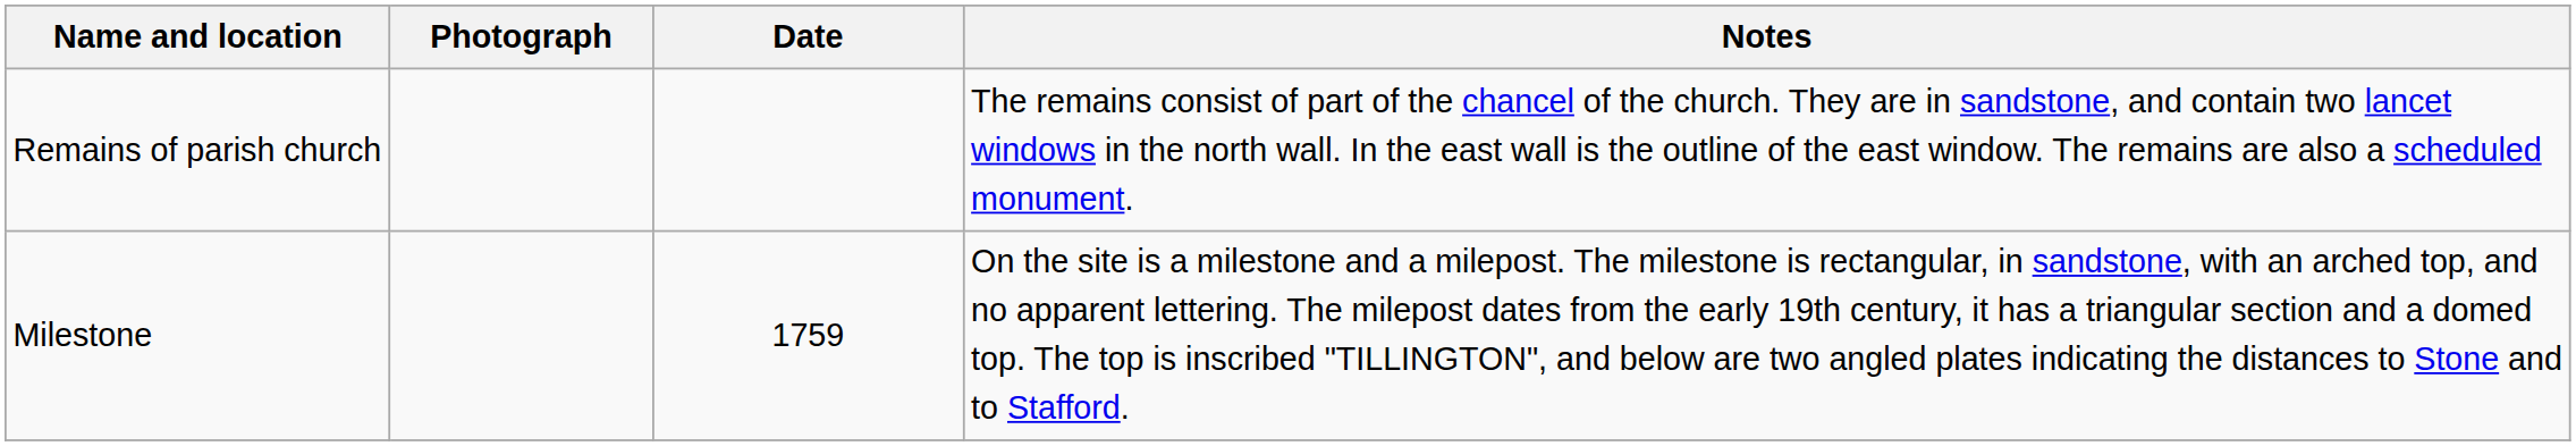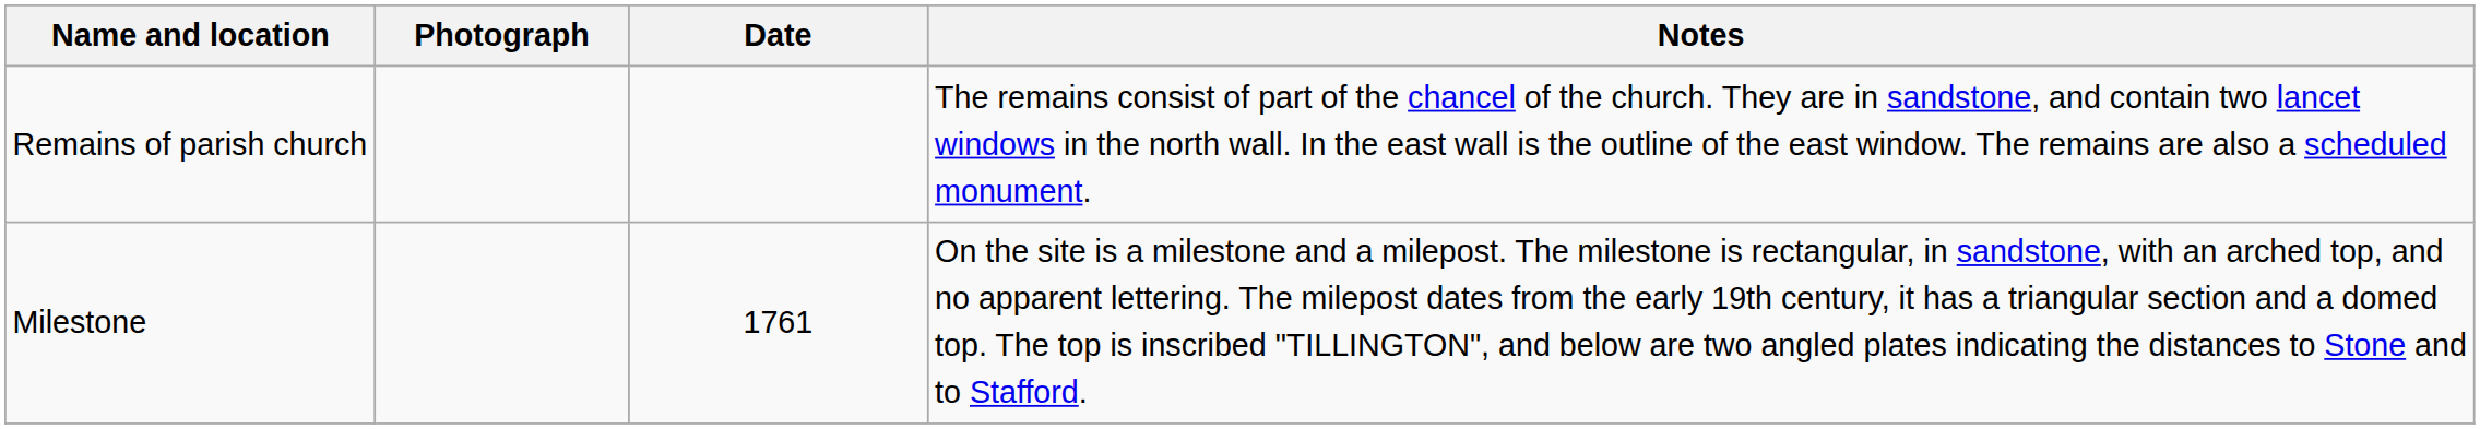 <table class="wikitable sortable plainrowheaders" style="width:100%;border:0px;text-align:left;line-height:150%;">
 <tr>
 <th scope="col"  style="width:150px">Name and location</th>
 <th scope="col"  style="width:100px" class="unsortable">Photograph</th>
 <th scope="col"  style="width:120px">Date</th>
 <th scope="col"  style="width:650px" class="unsortable">Notes</th>
 </tr>
 <tr>
 <td>Remains of parish church<br><small></small></td>
 <td></td>
 <td align="center"></td>
 <td>The remains consist of part of the <a href='#'>chancel</a> of the church.  They are in <a href='#'>sandstone</a>, and contain two <a href='#'>lancet windows</a> in the north wall.  In the east wall is the outline of the east window.  The remains are also a <a href='#'>scheduled monument</a>.</td>
 </tr>
 <tr>
 <td>Milestone<br><small></small></td>
 <td></td>
-<td align="center">1759</td>
+<td align="center">1761</td>
 <td>On the site is a milestone and a milepost.  The milestone is rectangular, in <a href='#'>sandstone</a>, with an arched top, and no apparent lettering.  The milepost dates from the early 19th century, it has a triangular section and a domed top.  The top is inscribed "TILLINGTON", and below are two angled plates indicating the distances to <a href='#'>Stone</a> and to <a href='#'>Stafford</a>.</td>
 </tr>
 <tr>
 </tr>
 </table>
